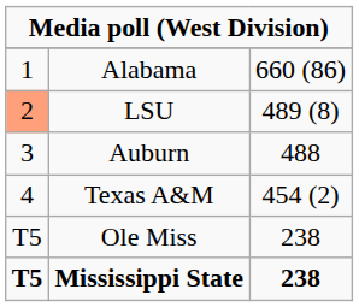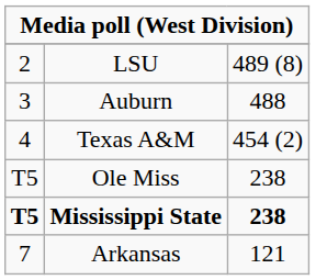 <table class="wikitable" style="display: inline-table;">
 <tr>
 <td align="center" Colspan="3"><strong>Media poll (West Division)</strong></td>
 </tr>
 <tr align="center">
 </tr>
 <tr align="center">
-<td>1</td>
-<td>Alabama</td>
-<td>660 (86)</td>
-</tr>
-<tr align="center">
-<td style="background: lightsalmon;">2</td>
+<td>2</td>
 <td>LSU</td>
 <td>489 (8)</td>
 </tr>
 <tr align="center">
 <td>3</td>
 <td>Auburn</td>
 <td>488</td>
 </tr>
 <tr align="center">
 <td>4</td>
 <td>Texas A&M</td>
 <td>454 (2)</td>
 </tr>
 <tr align="center">
 <td>T5</td>
 <td>Ole Miss</td>
 <td>238</td>
 </tr>
 <tr align="center">
 <td><strong>T5</strong></td>
 <td><strong>Mississippi State</strong></td>
 <td><strong>238</strong></td>
 </tr>
+<tr align="center">
+<td>7</td>
+<td>Arkansas</td>
+<td>121</td>
+</tr>
 </table>
